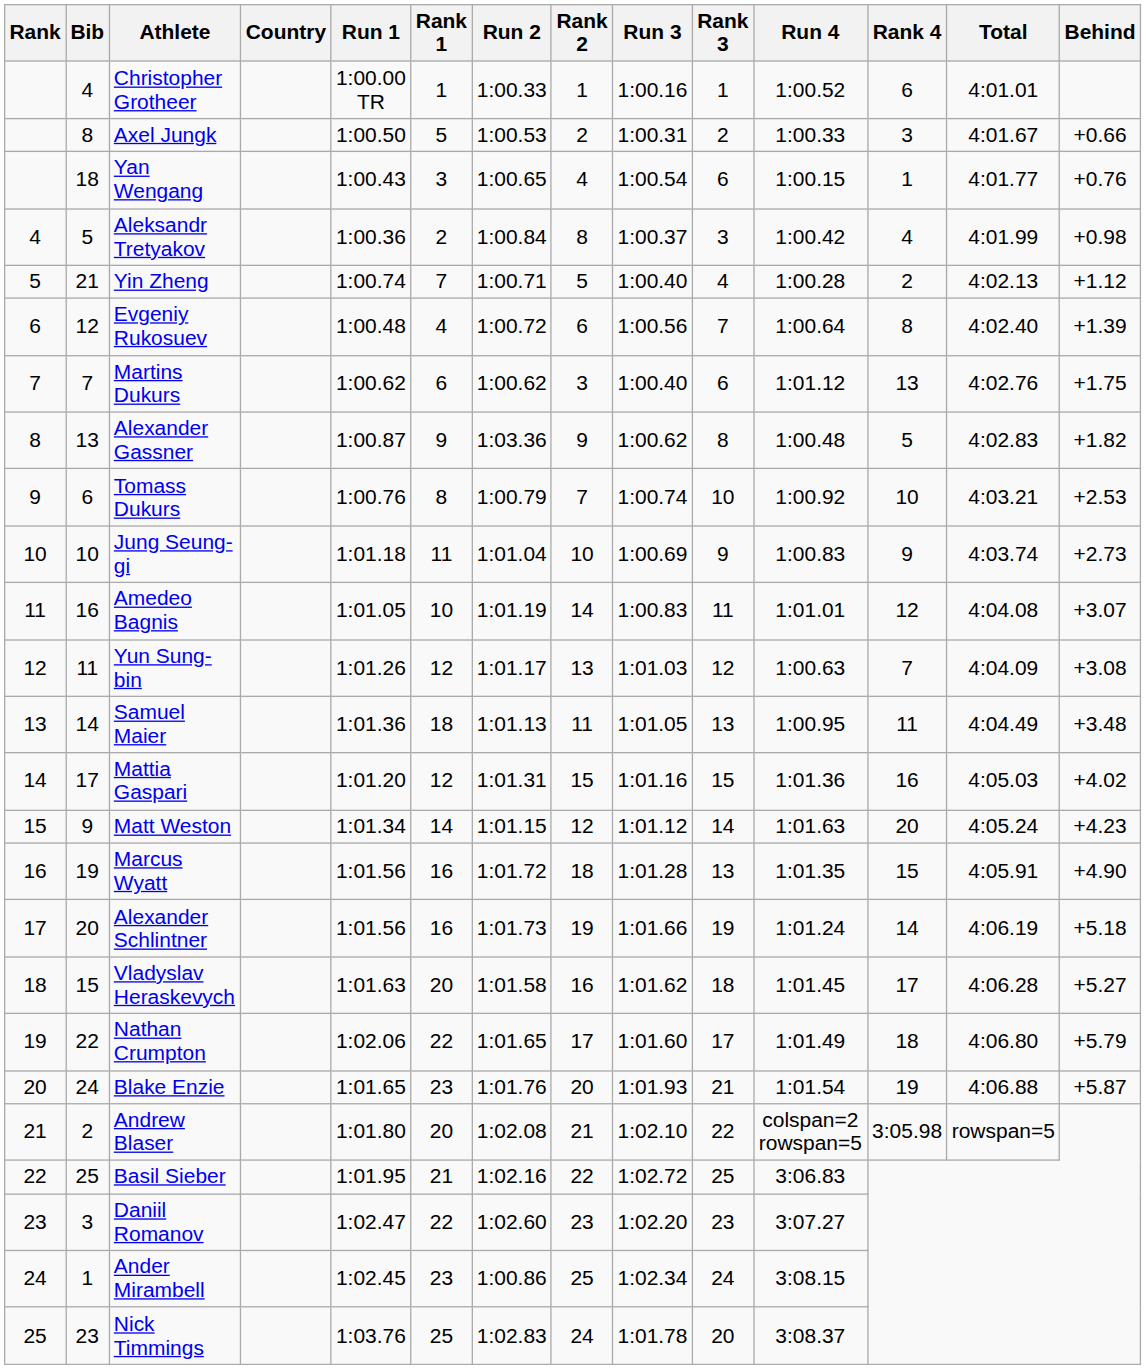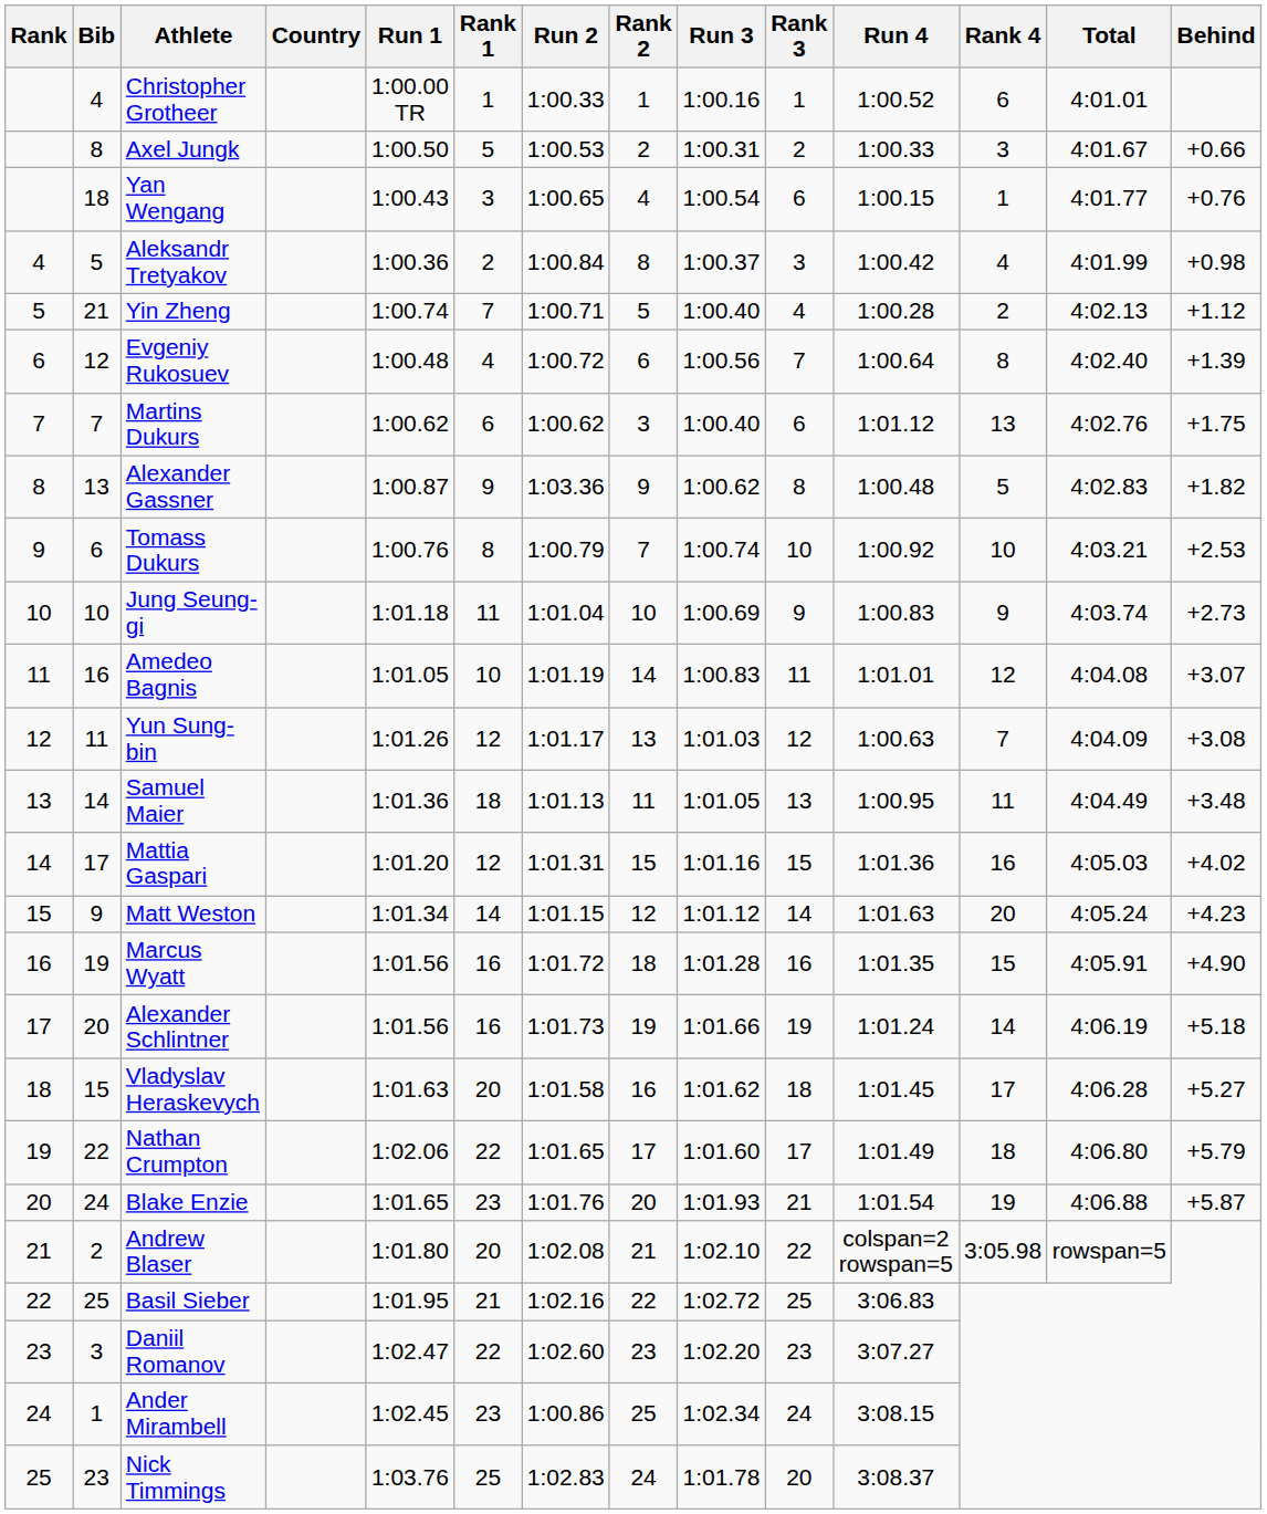 <table class="wikitable sortable" style="text-align:center; font-size:100%">
 <tr>
 <th>Rank</th>
 <th>Bib</th>
 <th>Athlete</th>
 <th>Country</th>
 <th>Run 1</th>
 <th>Rank 1</th>
 <th>Run 2</th>
 <th>Rank 2</th>
 <th>Run 3</th>
 <th>Rank 3</th>
 <th>Run 4</th>
 <th>Rank 4</th>
 <th>Total</th>
 <th>Behind</th>
 </tr>
 <tr>
 <td></td>
 <td>4</td>
 <td align=left><a href='#'>Christopher Grotheer</a></td>
 <td align=left></td>
 <td>1:00.00 TR</td>
 <td>1</td>
 <td>1:00.33</td>
 <td>1</td>
 <td>1:00.16</td>
 <td>1</td>
 <td>1:00.52</td>
 <td>6</td>
 <td>4:01.01</td>
 <td></td>
 </tr>
 <tr>
 <td></td>
 <td>8</td>
 <td align=left><a href='#'>Axel Jungk</a></td>
 <td align=left></td>
 <td>1:00.50</td>
 <td>5</td>
 <td>1:00.53</td>
 <td>2</td>
 <td>1:00.31</td>
 <td>2</td>
 <td>1:00.33</td>
 <td>3</td>
 <td>4:01.67</td>
 <td>+0.66</td>
 </tr>
 <tr>
 <td></td>
 <td>18</td>
 <td align=left><a href='#'>Yan Wengang</a></td>
 <td align=left></td>
 <td>1:00.43</td>
 <td>3</td>
 <td>1:00.65</td>
 <td>4</td>
 <td>1:00.54</td>
 <td>6</td>
 <td>1:00.15</td>
 <td>1</td>
 <td>4:01.77</td>
 <td>+0.76</td>
 </tr>
 <tr>
 <td>4</td>
 <td>5</td>
 <td align=left><a href='#'>Aleksandr Tretyakov</a></td>
 <td align=left></td>
 <td>1:00.36</td>
 <td>2</td>
 <td>1:00.84</td>
 <td>8</td>
 <td>1:00.37</td>
 <td>3</td>
 <td>1:00.42</td>
 <td>4</td>
 <td>4:01.99</td>
 <td>+0.98</td>
 </tr>
 <tr>
 <td>5</td>
 <td>21</td>
 <td align=left><a href='#'>Yin Zheng</a></td>
 <td align=left></td>
 <td>1:00.74</td>
 <td>7</td>
 <td>1:00.71</td>
 <td>5</td>
 <td>1:00.40</td>
 <td>4</td>
 <td>1:00.28</td>
 <td>2</td>
 <td>4:02.13</td>
 <td>+1.12</td>
 </tr>
 <tr>
 <td>6</td>
 <td>12</td>
 <td align=left><a href='#'>Evgeniy Rukosuev</a></td>
 <td align=left></td>
 <td>1:00.48</td>
 <td>4</td>
 <td>1:00.72</td>
 <td>6</td>
 <td>1:00.56</td>
 <td>7</td>
 <td>1:00.64</td>
 <td>8</td>
 <td>4:02.40</td>
 <td>+1.39</td>
 </tr>
 <tr>
 <td>7</td>
 <td>7</td>
 <td align=left><a href='#'>Martins Dukurs</a></td>
 <td align=left></td>
 <td>1:00.62</td>
 <td>6</td>
 <td>1:00.62</td>
 <td>3</td>
 <td>1:00.40</td>
 <td>6</td>
 <td>1:01.12</td>
 <td>13</td>
 <td>4:02.76</td>
 <td>+1.75</td>
 </tr>
 <tr>
 <td>8</td>
 <td>13</td>
 <td align=left><a href='#'>Alexander Gassner</a></td>
 <td align=left></td>
 <td>1:00.87</td>
 <td>9</td>
 <td>1:03.36</td>
 <td>9</td>
 <td>1:00.62</td>
 <td>8</td>
 <td>1:00.48</td>
 <td>5</td>
 <td>4:02.83</td>
 <td>+1.82</td>
 </tr>
 <tr>
 <td>9</td>
 <td>6</td>
 <td align=left><a href='#'>Tomass Dukurs</a></td>
 <td align=left></td>
 <td>1:00.76</td>
 <td>8</td>
 <td>1:00.79</td>
 <td>7</td>
 <td>1:00.74</td>
 <td>10</td>
 <td>1:00.92</td>
 <td>10</td>
 <td>4:03.21</td>
 <td>+2.53</td>
 </tr>
 <tr>
 <td>10</td>
 <td>10</td>
 <td align=left><a href='#'>Jung Seung-gi</a></td>
 <td align=left></td>
 <td>1:01.18</td>
 <td>11</td>
 <td>1:01.04</td>
 <td>10</td>
 <td>1:00.69</td>
 <td>9</td>
 <td>1:00.83</td>
 <td>9</td>
 <td>4:03.74</td>
 <td>+2.73</td>
 </tr>
 <tr>
 <td>11</td>
 <td>16</td>
 <td align=left><a href='#'>Amedeo Bagnis</a></td>
 <td align=left></td>
 <td>1:01.05</td>
 <td>10</td>
 <td>1:01.19</td>
 <td>14</td>
 <td>1:00.83</td>
 <td>11</td>
 <td>1:01.01</td>
 <td>12</td>
 <td>4:04.08</td>
 <td>+3.07</td>
 </tr>
 <tr>
 <td>12</td>
 <td>11</td>
 <td align=left><a href='#'>Yun Sung-bin</a></td>
 <td align=left></td>
 <td>1:01.26</td>
 <td>12</td>
 <td>1:01.17</td>
 <td>13</td>
 <td>1:01.03</td>
 <td>12</td>
 <td>1:00.63</td>
 <td>7</td>
 <td>4:04.09</td>
 <td>+3.08</td>
 </tr>
 <tr>
 <td>13</td>
 <td>14</td>
 <td align=left><a href='#'>Samuel Maier</a></td>
 <td align=left></td>
 <td>1:01.36</td>
 <td>18</td>
 <td>1:01.13</td>
 <td>11</td>
 <td>1:01.05</td>
 <td>13</td>
 <td>1:00.95</td>
 <td>11</td>
 <td>4:04.49</td>
 <td>+3.48</td>
 </tr>
 <tr>
 <td>14</td>
 <td>17</td>
 <td align=left><a href='#'>Mattia Gaspari</a></td>
 <td align=left></td>
 <td>1:01.20</td>
 <td>12</td>
 <td>1:01.31</td>
 <td>15</td>
 <td>1:01.16</td>
 <td>15</td>
 <td>1:01.36</td>
 <td>16</td>
 <td>4:05.03</td>
 <td>+4.02</td>
 </tr>
 <tr>
 <td>15</td>
 <td>9</td>
 <td align=left><a href='#'>Matt Weston</a></td>
 <td align=left></td>
 <td>1:01.34</td>
 <td>14</td>
 <td>1:01.15</td>
 <td>12</td>
 <td>1:01.12</td>
 <td>14</td>
 <td>1:01.63</td>
 <td>20</td>
 <td>4:05.24</td>
 <td>+4.23</td>
 </tr>
 <tr>
 <td>16</td>
 <td>19</td>
 <td align=left><a href='#'>Marcus Wyatt</a></td>
 <td align=left></td>
 <td>1:01.56</td>
 <td>16</td>
 <td>1:01.72</td>
 <td>18</td>
 <td>1:01.28</td>
-<td>13</td>
+<td>16</td>
 <td>1:01.35</td>
 <td>15</td>
 <td>4:05.91</td>
 <td>+4.90</td>
 </tr>
 <tr>
 <td>17</td>
 <td>20</td>
 <td align=left><a href='#'>Alexander Schlintner</a></td>
 <td align=left></td>
 <td>1:01.56</td>
 <td>16</td>
 <td>1:01.73</td>
 <td>19</td>
 <td>1:01.66</td>
 <td>19</td>
 <td>1:01.24</td>
 <td>14</td>
 <td>4:06.19</td>
 <td>+5.18</td>
 </tr>
 <tr>
 <td>18</td>
 <td>15</td>
 <td align=left><a href='#'>Vladyslav Heraskevych</a></td>
 <td align=left></td>
 <td>1:01.63</td>
 <td>20</td>
 <td>1:01.58</td>
 <td>16</td>
 <td>1:01.62</td>
 <td>18</td>
 <td>1:01.45</td>
 <td>17</td>
 <td>4:06.28</td>
 <td>+5.27</td>
 </tr>
 <tr>
 <td>19</td>
 <td>22</td>
 <td align=left><a href='#'>Nathan Crumpton</a></td>
 <td align=left></td>
 <td>1:02.06</td>
 <td>22</td>
 <td>1:01.65</td>
 <td>17</td>
 <td>1:01.60</td>
 <td>17</td>
 <td>1:01.49</td>
 <td>18</td>
 <td>4:06.80</td>
 <td>+5.79</td>
 </tr>
 <tr>
 <td>20</td>
 <td>24</td>
 <td align=left><a href='#'>Blake Enzie</a></td>
 <td align=left></td>
 <td>1:01.65</td>
 <td>23</td>
 <td>1:01.76</td>
 <td>20</td>
 <td>1:01.93</td>
 <td>21</td>
 <td>1:01.54</td>
 <td>19</td>
 <td>4:06.88</td>
 <td>+5.87</td>
 </tr>
 <tr>
 <td>21</td>
 <td>2</td>
 <td align=left><a href='#'>Andrew Blaser</a></td>
 <td align=left></td>
 <td>1:01.80</td>
 <td>20</td>
 <td>1:02.08</td>
 <td>21</td>
 <td>1:02.10</td>
 <td>22</td>
 <td>colspan=2 rowspan=5 </td>
 <td>3:05.98</td>
 <td>rowspan=5 </td>
 </tr>
 <tr>
 <td>22</td>
 <td>25</td>
 <td align=left><a href='#'>Basil Sieber</a></td>
 <td align=left></td>
 <td>1:01.95</td>
 <td>21</td>
 <td>1:02.16</td>
 <td>22</td>
 <td>1:02.72</td>
 <td>25</td>
 <td>3:06.83</td>
 </tr>
 <tr>
 <td>23</td>
 <td>3</td>
 <td align=left><a href='#'>Daniil Romanov</a></td>
 <td align=left></td>
 <td>1:02.47</td>
 <td>22</td>
 <td>1:02.60</td>
 <td>23</td>
 <td>1:02.20</td>
 <td>23</td>
 <td>3:07.27</td>
 </tr>
 <tr>
 <td>24</td>
 <td>1</td>
 <td align=left><a href='#'>Ander Mirambell</a></td>
 <td align=left></td>
 <td>1:02.45</td>
 <td>23</td>
 <td>1:00.86</td>
 <td>25</td>
 <td>1:02.34</td>
 <td>24</td>
 <td>3:08.15</td>
 </tr>
 <tr>
 <td>25</td>
 <td>23</td>
 <td align=left><a href='#'>Nick Timmings</a></td>
 <td align=left></td>
 <td>1:03.76</td>
 <td>25</td>
 <td>1:02.83</td>
 <td>24</td>
 <td>1:01.78</td>
 <td>20</td>
 <td>3:08.37</td>
 </tr>
 </table>
